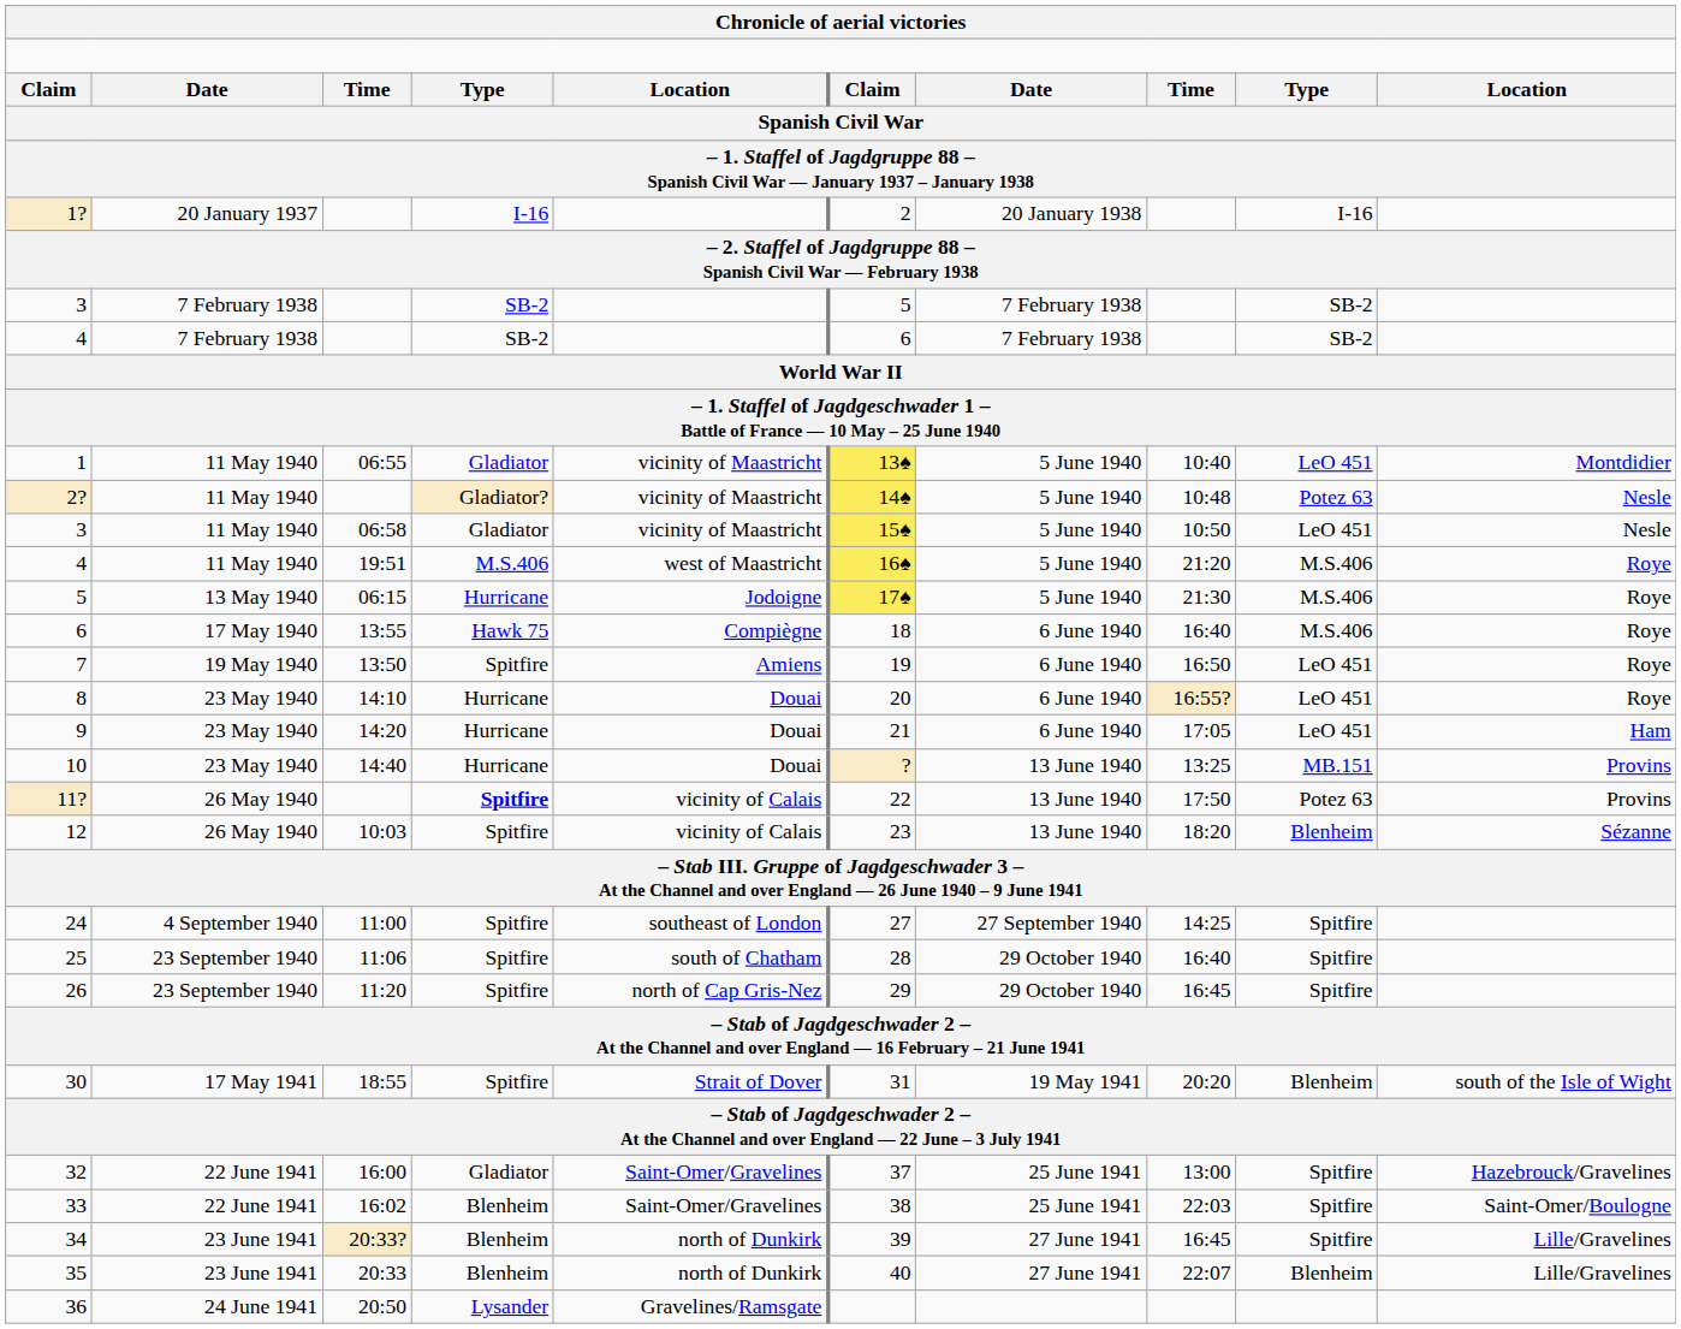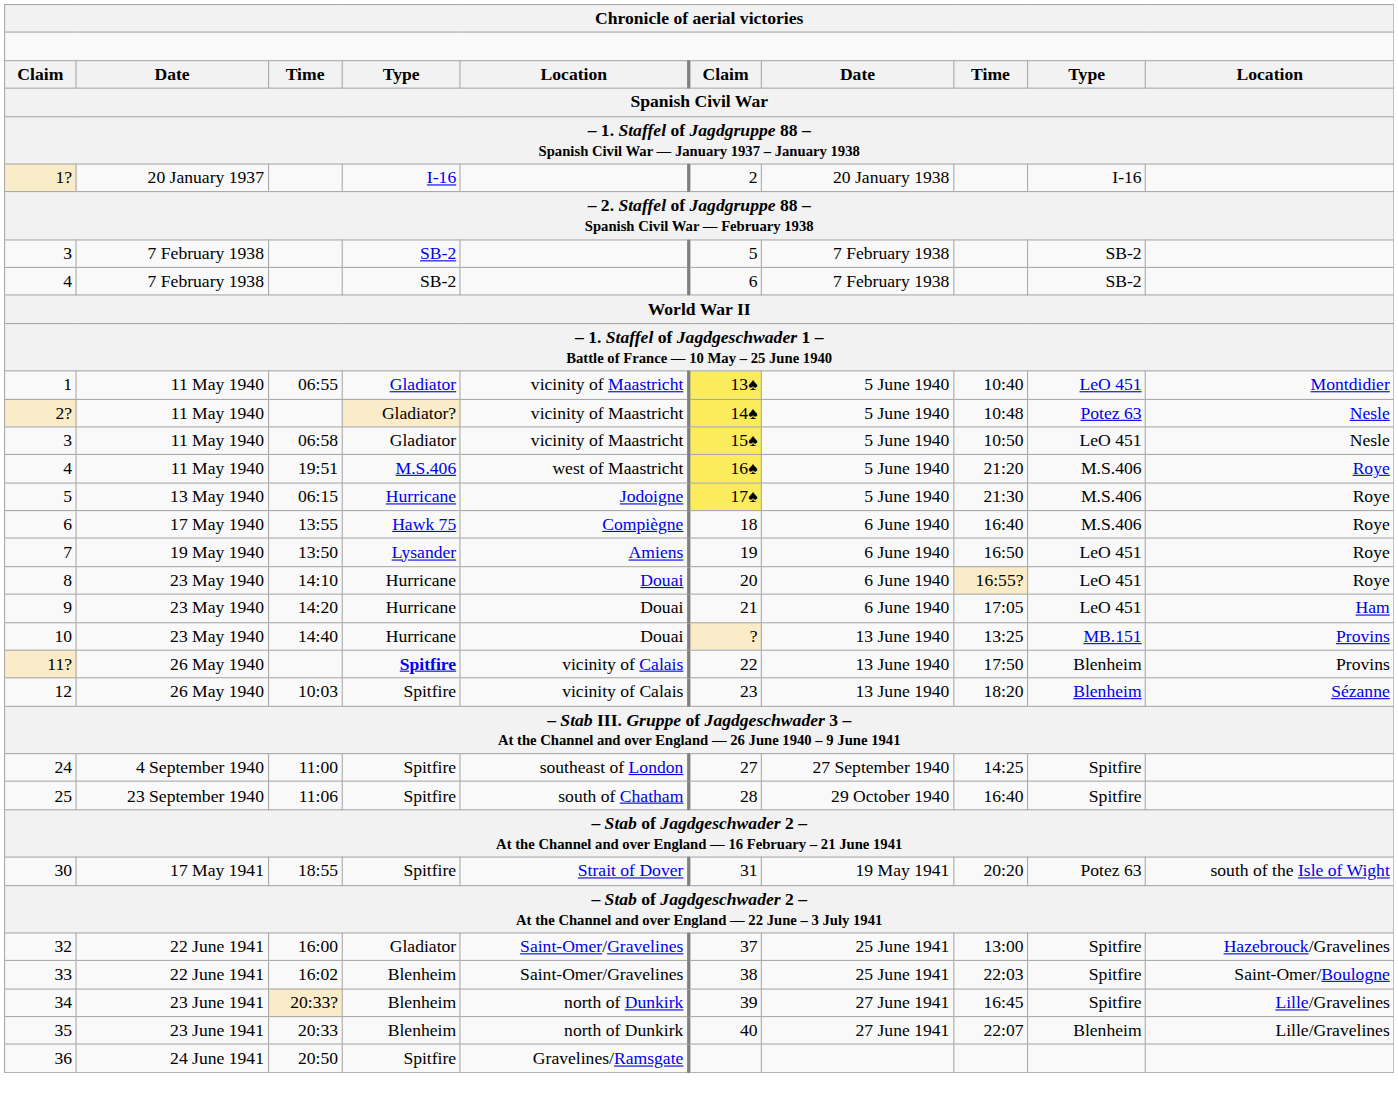 <table class="wikitable plainrowheaders collapsible" style="margin-left: auto; margin-right: auto; border: none; text-align:right; width: 100%;">
 <tr>
 <th colspan="10">Chronicle of aerial victories</th>
 </tr>
 <tr>
 <td colspan="10" style="text-align: left;"><br> </td>
 </tr>
 <tr>
 <th scope="col">Claim</th>
 <th scope="col">Date</th>
 <th scope="col">Time</th>
 <th scope="col" width="100px">Type</th>
 <th scope="col">Location</th>
 <th scope="col" style="border-left: 3px solid grey;">Claim</th>
 <th scope="col">Date</th>
 <th scope="col">Time</th>
 <th scope="col" width="100px">Type</th>
 <th scope="col">Location</th>
 </tr>
 <tr>
 <th colspan="10">Spanish Civil War</th>
 </tr>
 <tr>
 <th colspan="10">– 1. <em>Staffel</em> of <em>Jagdgruppe</em> 88 –<br><small>Spanish Civil War — January 1937 – January 1938</small></th>
 </tr>
 <tr>
 <td style="background:#faecc8">1?</td>
 <td>20 January 1937</td>
 <td></td>
 <td><a href='#'>I-16</a></td>
 <td></td>
 <td style="border-left: 3px solid grey;">2</td>
 <td>20 January 1938</td>
 <td></td>
 <td>I-16</td>
 <td></td>
 </tr>
 <tr>
 <th colspan="10">– 2. <em>Staffel</em> of <em>Jagdgruppe</em> 88 –<br><small>Spanish Civil War — February 1938</small></th>
 </tr>
 <tr>
 <td>3</td>
 <td>7 February 1938</td>
 <td></td>
 <td><a href='#'>SB-2</a></td>
 <td></td>
 <td style="border-left: 3px solid grey;">5</td>
 <td>7 February 1938</td>
 <td></td>
 <td>SB-2</td>
 <td></td>
 </tr>
 <tr>
 <td>4</td>
 <td>7 February 1938</td>
 <td></td>
 <td>SB-2</td>
 <td></td>
 <td style="border-left: 3px solid grey;">6</td>
 <td>7 February 1938</td>
 <td></td>
 <td>SB-2</td>
 <td></td>
 </tr>
 <tr>
 <th colspan="10">World War II</th>
 </tr>
 <tr>
 <th colspan="10">– 1. <em>Staffel</em> of <em>Jagdgeschwader</em> 1 –<br><small>Battle of France — 10 May – 25 June 1940</small></th>
 </tr>
 <tr>
 <td>1</td>
 <td>11 May 1940</td>
 <td>06:55</td>
 <td><a href='#'>Gladiator</a></td>
 <td>vicinity of <a href='#'>Maastricht</a></td>
 <td style="border-left: 3px solid grey; background:#fbec5d;">13♠</td>
 <td>5 June 1940</td>
 <td>10:40</td>
 <td><a href='#'>LeO 451</a></td>
 <td><a href='#'>Montdidier</a></td>
 </tr>
 <tr>
 <td style="background:#faecc8">2?</td>
 <td>11 May 1940</td>
 <td></td>
 <td style="background:#faecc8">Gladiator?</td>
 <td>vicinity of Maastricht</td>
 <td style="border-left: 3px solid grey; background:#fbec5d;">14♠</td>
 <td>5 June 1940</td>
 <td>10:48</td>
 <td><a href='#'>Potez 63</a></td>
 <td><a href='#'>Nesle</a></td>
 </tr>
 <tr>
 <td>3</td>
 <td>11 May 1940</td>
 <td>06:58</td>
 <td>Gladiator</td>
 <td>vicinity of Maastricht</td>
 <td style="border-left: 3px solid grey; background:#fbec5d;">15♠</td>
 <td>5 June 1940</td>
 <td>10:50</td>
 <td>LeO 451</td>
 <td>Nesle</td>
 </tr>
 <tr>
 <td>4</td>
 <td>11 May 1940</td>
 <td>19:51</td>
 <td><a href='#'>M.S.406</a></td>
 <td>west of Maastricht</td>
 <td style="border-left: 3px solid grey; background:#fbec5d;">16♠</td>
 <td>5 June 1940</td>
 <td>21:20</td>
 <td>M.S.406</td>
 <td><a href='#'>Roye</a></td>
 </tr>
 <tr>
 <td>5</td>
 <td>13 May 1940</td>
 <td>06:15</td>
 <td><a href='#'>Hurricane</a></td>
 <td><a href='#'>Jodoigne</a></td>
 <td style="border-left: 3px solid grey; background:#fbec5d;">17♠</td>
 <td>5 June 1940</td>
 <td>21:30</td>
 <td>M.S.406</td>
 <td>Roye</td>
 </tr>
 <tr>
 <td>6</td>
 <td>17 May 1940</td>
 <td>13:55</td>
 <td><a href='#'>Hawk 75</a></td>
 <td><a href='#'>Compiègne</a></td>
 <td style="border-left: 3px solid grey;">18</td>
 <td>6 June 1940</td>
 <td>16:40</td>
 <td>M.S.406</td>
 <td>Roye</td>
 </tr>
 <tr>
 <td>7</td>
 <td>19 May 1940</td>
 <td>13:50</td>
-<td>Spitfire</td>
+<td><a href='#'>Lysander</a></td>
 <td><a href='#'>Amiens</a></td>
 <td style="border-left: 3px solid grey;">19</td>
 <td>6 June 1940</td>
 <td>16:50</td>
 <td>LeO 451</td>
 <td>Roye</td>
 </tr>
 <tr>
 <td>8</td>
 <td>23 May 1940</td>
 <td>14:10</td>
 <td>Hurricane</td>
 <td><a href='#'>Douai</a></td>
 <td style="border-left: 3px solid grey;">20</td>
 <td>6 June 1940</td>
 <td style="background:#faecc8">16:55?</td>
 <td>LeO 451</td>
 <td>Roye</td>
 </tr>
 <tr>
 <td>9</td>
 <td>23 May 1940</td>
 <td>14:20</td>
 <td>Hurricane</td>
 <td>Douai</td>
 <td style="border-left: 3px solid grey;">21</td>
 <td>6 June 1940</td>
 <td>17:05</td>
 <td>LeO 451</td>
 <td><a href='#'>Ham</a></td>
 </tr>
 <tr>
 <td>10</td>
 <td>23 May 1940</td>
 <td>14:40</td>
 <td>Hurricane</td>
 <td>Douai</td>
 <td style="border-left: 3px solid grey; background:#faecc8">?</td>
 <td>13 June 1940</td>
 <td>13:25</td>
 <td><a href='#'>MB.151</a></td>
 <td><a href='#'>Provins</a></td>
 </tr>
 <tr>
 <td style="background:#faecc8">11?</td>
 <td>26 May 1940</td>
 <td></td>
 <td><strong><a href='#'>Spitfire</a></strong></td>
 <td>vicinity of <a href='#'>Calais</a></td>
 <td style="border-left: 3px solid grey;">22</td>
 <td>13 June 1940</td>
 <td>17:50</td>
-<td>Potez 63</td>
+<td>Blenheim</td>
 <td>Provins</td>
 </tr>
 <tr>
 <td>12</td>
 <td>26 May 1940</td>
 <td>10:03</td>
 <td>Spitfire</td>
 <td>vicinity of Calais</td>
 <td style="border-left: 3px solid grey;">23</td>
 <td>13 June 1940</td>
 <td>18:20</td>
 <td><a href='#'>Blenheim</a></td>
 <td><a href='#'>Sézanne</a></td>
 </tr>
 <tr>
 <th colspan="10">– <em>Stab</em> III. <em>Gruppe</em> of <em>Jagdgeschwader</em> 3 –<br><small>At the Channel and over England — 26 June 1940 – 9 June 1941</small></th>
 </tr>
 <tr>
 <td>24</td>
 <td>4 September 1940</td>
 <td>11:00</td>
 <td>Spitfire</td>
 <td>southeast of <a href='#'>London</a></td>
 <td style="border-left: 3px solid grey;">27</td>
 <td>27 September 1940</td>
 <td>14:25</td>
 <td>Spitfire</td>
 <td></td>
 </tr>
 <tr>
 <td>25</td>
 <td>23 September 1940</td>
 <td>11:06</td>
 <td>Spitfire</td>
 <td>south of <a href='#'>Chatham</a></td>
 <td style="border-left: 3px solid grey;">28</td>
 <td>29 October 1940</td>
 <td>16:40</td>
 <td>Spitfire</td>
 <td></td>
 </tr>
 <tr>
-<td>26</td>
-<td>23 September 1940</td>
-<td>11:20</td>
-<td>Spitfire</td>
-<td>north of <a href='#'>Cap Gris-Nez</a></td>
-<td style="border-left: 3px solid grey;">29</td>
-<td>29 October 1940</td>
-<td>16:45</td>
-<td>Spitfire</td>
-<td></td>
-</tr>
-<tr>
 <th colspan="10">– <em>Stab</em> of <em>Jagdgeschwader</em> 2 –<br><small>At the Channel and over England — 16 February – 21 June 1941</small></th>
 </tr>
 <tr>
 <td>30</td>
 <td>17 May 1941</td>
 <td>18:55</td>
 <td>Spitfire</td>
 <td><a href='#'>Strait of Dover</a></td>
 <td style="border-left: 3px solid grey;">31</td>
 <td>19 May 1941</td>
 <td>20:20</td>
-<td>Blenheim</td>
+<td>Potez 63</td>
 <td>south of the <a href='#'>Isle of Wight</a></td>
 </tr>
 <tr>
 <th colspan="10">– <em>Stab</em> of <em>Jagdgeschwader</em> 2 –<br><small>At the Channel and over England — 22 June – 3 July 1941</small></th>
 </tr>
 <tr>
 <td>32</td>
 <td>22 June 1941</td>
 <td>16:00</td>
 <td>Gladiator</td>
 <td><a href='#'>Saint-Omer</a>/<a href='#'>Gravelines</a></td>
 <td style="border-left: 3px solid grey;">37</td>
 <td>25 June 1941</td>
 <td>13:00</td>
 <td>Spitfire</td>
 <td><a href='#'>Hazebrouck</a>/Gravelines</td>
 </tr>
 <tr>
 <td>33</td>
 <td>22 June 1941</td>
 <td>16:02</td>
 <td>Blenheim</td>
 <td>Saint-Omer/Gravelines</td>
 <td style="border-left: 3px solid grey;">38</td>
 <td>25 June 1941</td>
 <td>22:03</td>
 <td>Spitfire</td>
 <td>Saint-Omer/<a href='#'>Boulogne</a></td>
 </tr>
 <tr>
 <td>34</td>
 <td>23 June 1941</td>
 <td style="background:#faecc8">20:33?</td>
 <td>Blenheim</td>
 <td> north of <a href='#'>Dunkirk</a></td>
 <td style="border-left: 3px solid grey;">39</td>
 <td>27 June 1941</td>
 <td>16:45</td>
 <td>Spitfire</td>
 <td><a href='#'>Lille</a>/Gravelines</td>
 </tr>
 <tr>
 <td>35</td>
 <td>23 June 1941</td>
 <td>20:33</td>
 <td>Blenheim</td>
 <td> north of Dunkirk</td>
 <td style="border-left: 3px solid grey;">40</td>
 <td>27 June 1941</td>
 <td>22:07</td>
 <td>Blenheim</td>
 <td>Lille/Gravelines</td>
 </tr>
 <tr>
 <td>36</td>
 <td>24 June 1941</td>
 <td>20:50</td>
-<td><a href='#'>Lysander</a></td>
+<td>Spitfire</td>
 <td>Gravelines/<a href='#'>Ramsgate</a></td>
 <td style="border-left: 3px solid grey;"></td>
 <td></td>
 <td></td>
 <td></td>
 <td></td>
 </tr>
 </table>
